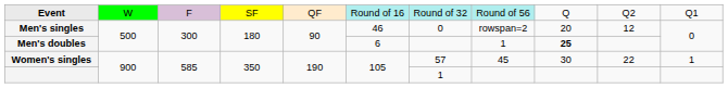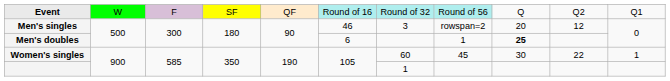 <table class=wikitable style=font-size:90%;text-align:center>
 <tr>
 <td style="width:130px; background:#eaeaea;"><strong>Event</strong></td>
 <td style="width:80px; background:lime;">W</td>
 <td style="width:85px; background:thistle;">F</td>
 <td style="width:85px; background:#ff0;">SF</td>
 <td style="width:85px; background:#ffebcd;">QF</td>
 <td style="width:85px; background:#afeeee;">Round of 16</td>
 <td style="width:85px; background:#afeeee;">Round of 32</td>
 <td style="width:85px; background:#afeeee;">Round of 56</td>
 <td style="width:85px;">Q</td>
 <td style="width:85px;">Q2</td>
 <td style="width:85px;">Q1</td>
 </tr>
 <tr>
 <th style="background:#f4f4f4;">Men's singles</th>
 <td rowspan=2>500</td>
 <td rowspan=2>300</td>
 <td rowspan=2>180</td>
 <td rowspan=2>90</td>
 <td>46</td>
-<td>0</td>
+<td>3</td>
 <td>rowspan=2 </td>
 <td>20</td>
 <td>12</td>
 <td rowspan=2>0</td>
 </tr>
 <tr>
 <th style="background:#f4f4f4;">Men's doubles</th>
 <td>6</td>
 <td></td>
 <td>1</td>
 <td><strong>25</strong></td>
 </tr>
 <tr>
 <th style="background:#f4f4f4;">Women's singles</th>
 <td rowspan=2>900</td>
 <td rowspan=2>585</td>
 <td rowspan=2>350</td>
 <td rowspan=2>190</td>
 <td rowspan=2>105</td>
-<td>57</td>
+<td>60</td>
 <td>45</td>
 <td>30</td>
 <td>22</td>
 <td>1</td>
 </tr>
 <tr>
 <th style="background:#f4f4f4;"></th>
 <td>1</td>
 <td></td>
 <td></td>
 <td></td>
 <td></td>
 </tr>
 </table>
